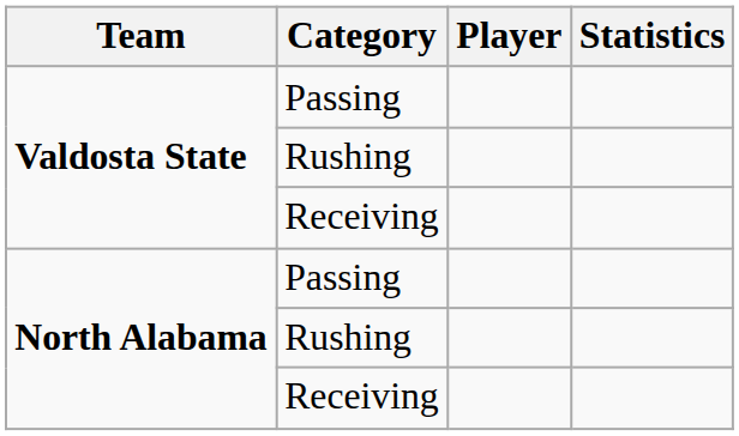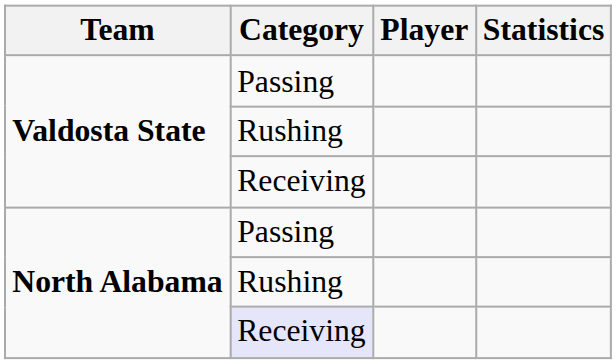 <table class="wikitable" style="float: left;">
 <tr>
 <th>Team</th>
 <th>Category</th>
 <th>Player</th>
 <th>Statistics</th>
 </tr>
 <tr>
 <td rowspan=3><strong>Valdosta State</strong></td>
 <td>Passing</td>
 <td></td>
 <td></td>
 </tr>
 <tr>
 <td>Rushing</td>
 <td></td>
 <td></td>
 </tr>
 <tr>
 <td>Receiving</td>
 <td></td>
 <td></td>
 </tr>
 <tr>
 <td rowspan=3><strong>North Alabama</strong></td>
 <td>Passing</td>
 <td></td>
 <td></td>
 </tr>
 <tr>
 <td>Rushing</td>
 <td></td>
 <td></td>
 </tr>
 <tr>
-<td>Receiving</td>
+<td style="background: lavender;">Receiving</td>
 <td></td>
 <td></td>
 </tr>
 </table>
